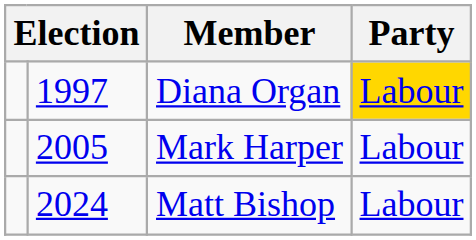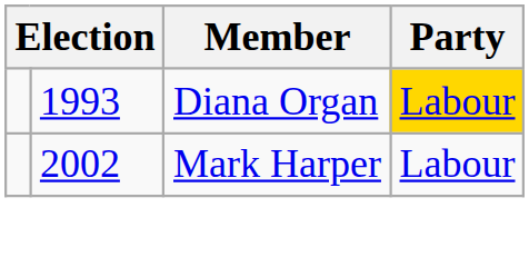 <table class="wikitable">
 <tr>
 <th colspan="2">Election</th>
 <th>Member</th>
 <th>Party</th>
 </tr>
 <tr>
 <td style="color:inherit;background-color: "></td>
-<td><a href='#'>1997</a></td>
+<td><a href='#'>1993</a></td>
 <td><a href='#'>Diana Organ</a></td>
 <td style="background: gold;"><a href='#'>Labour</a></td>
 </tr>
 <tr>
 <td style="color:inherit;background-color: "></td>
-<td><a href='#'>2005</a></td>
+<td><a href='#'>2002</a></td>
 <td><a href='#'>Mark Harper</a></td>
 <td><a href='#'>Labour</a></td>
 </tr>
-<tr>
-<td style="color:inherit;background-color: "></td>
-<td><a href='#'>2024</a></td>
-<td><a href='#'>Matt Bishop</a></td>
-<td><a href='#'>Labour</a></td>
-</tr>
 </table>
